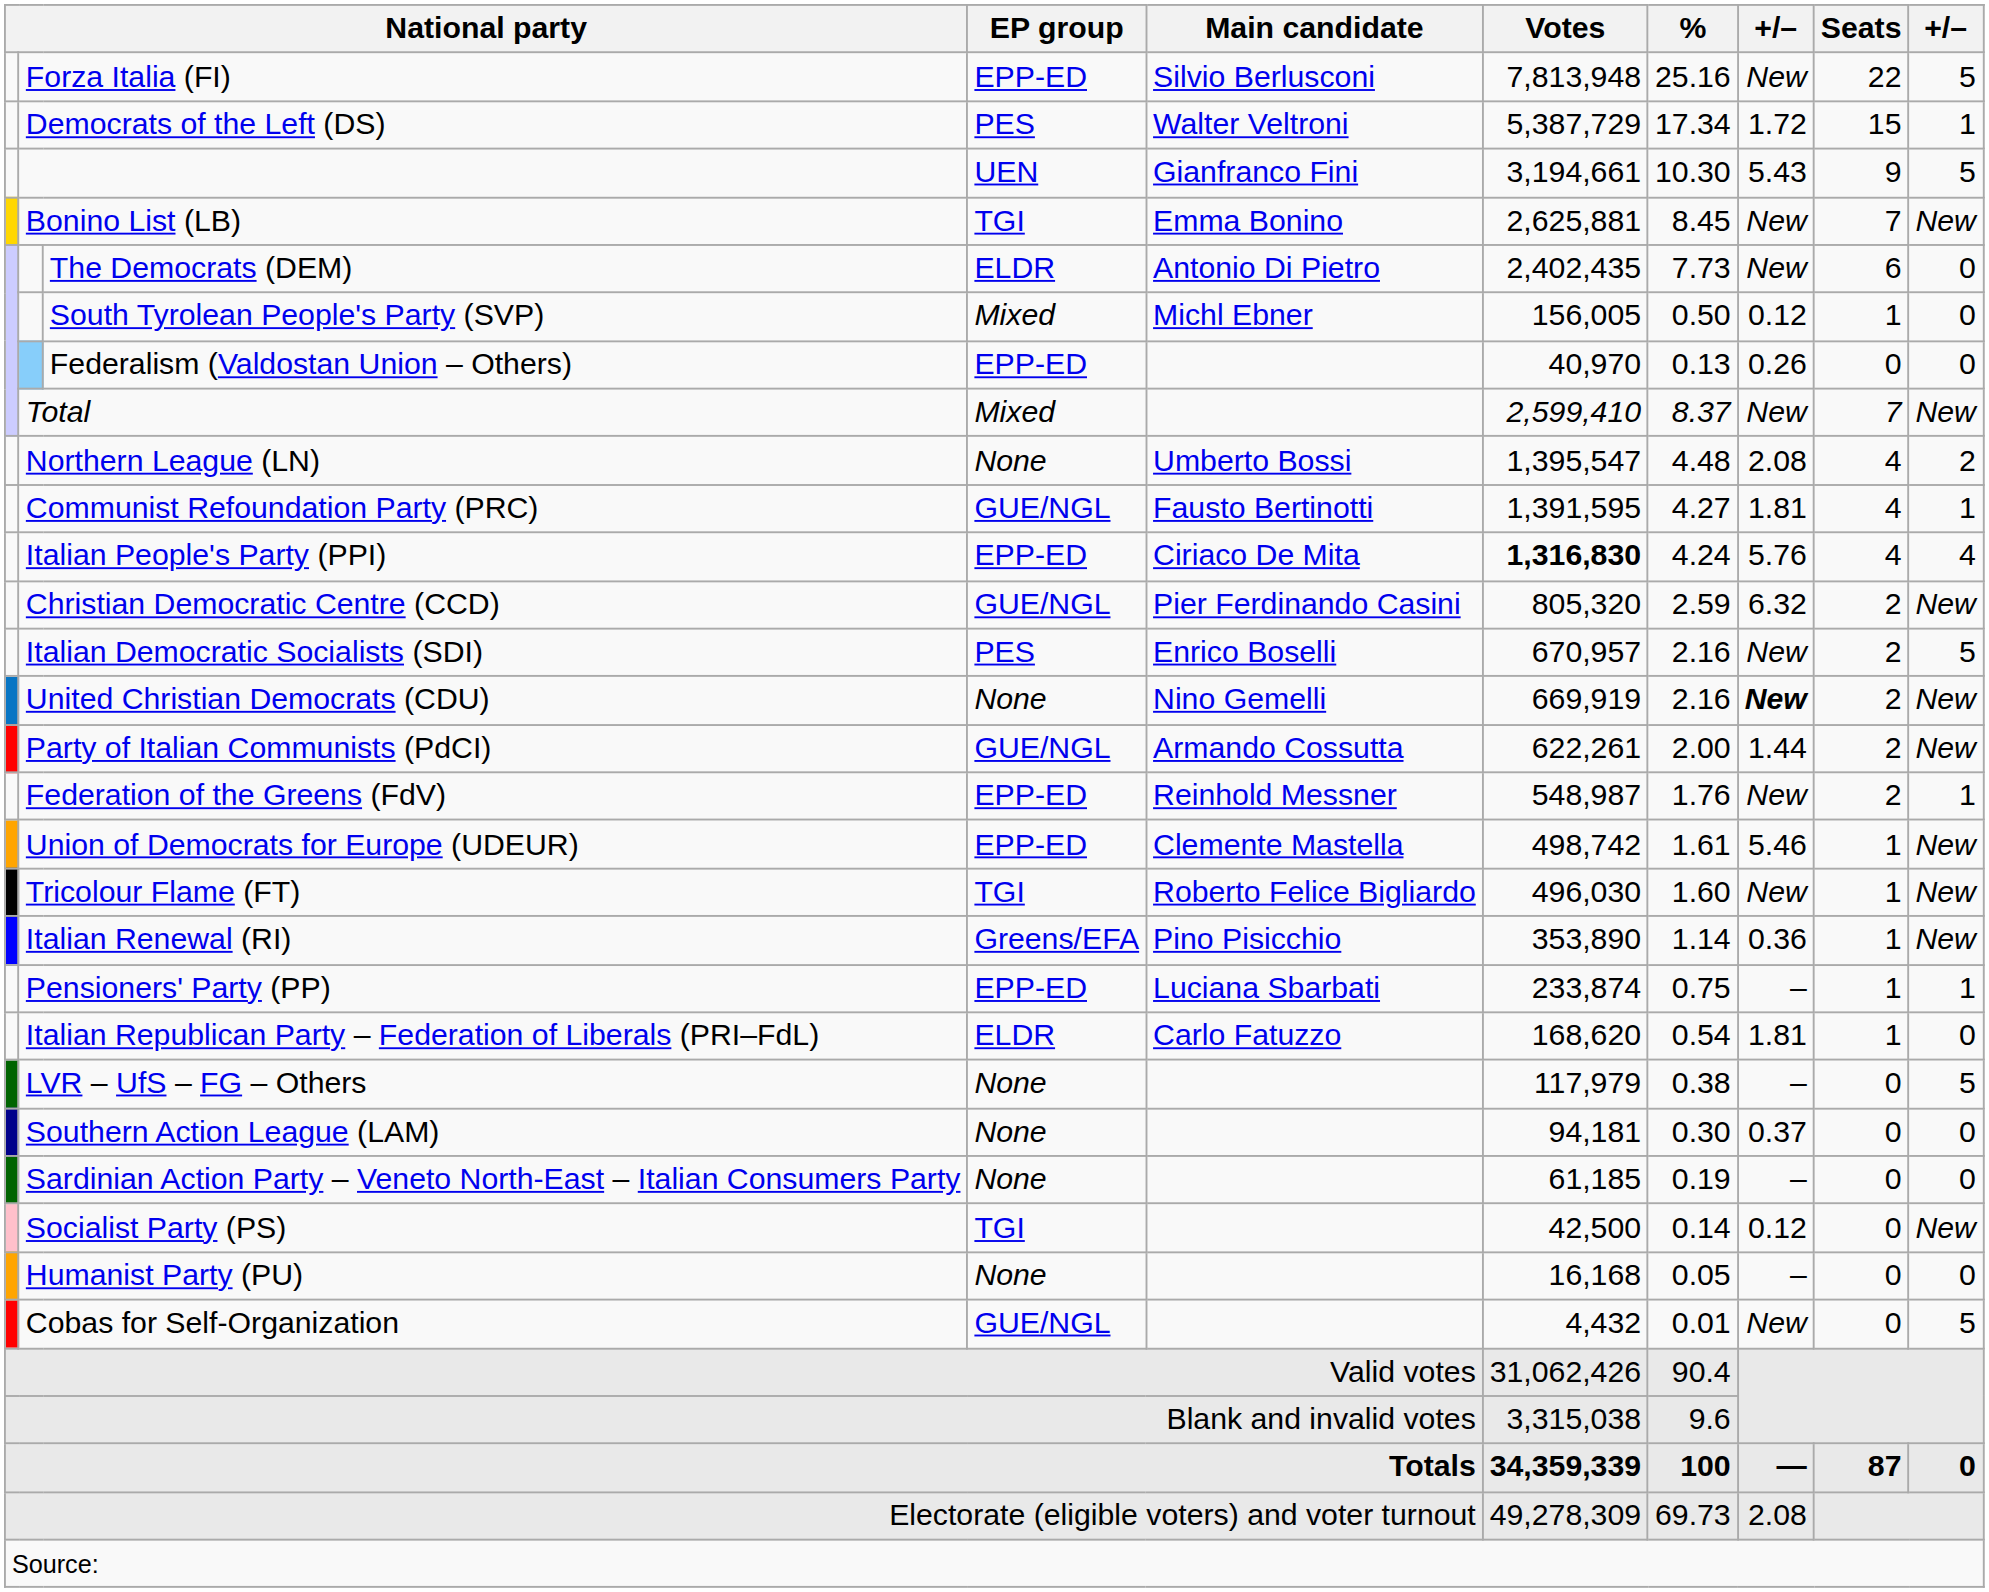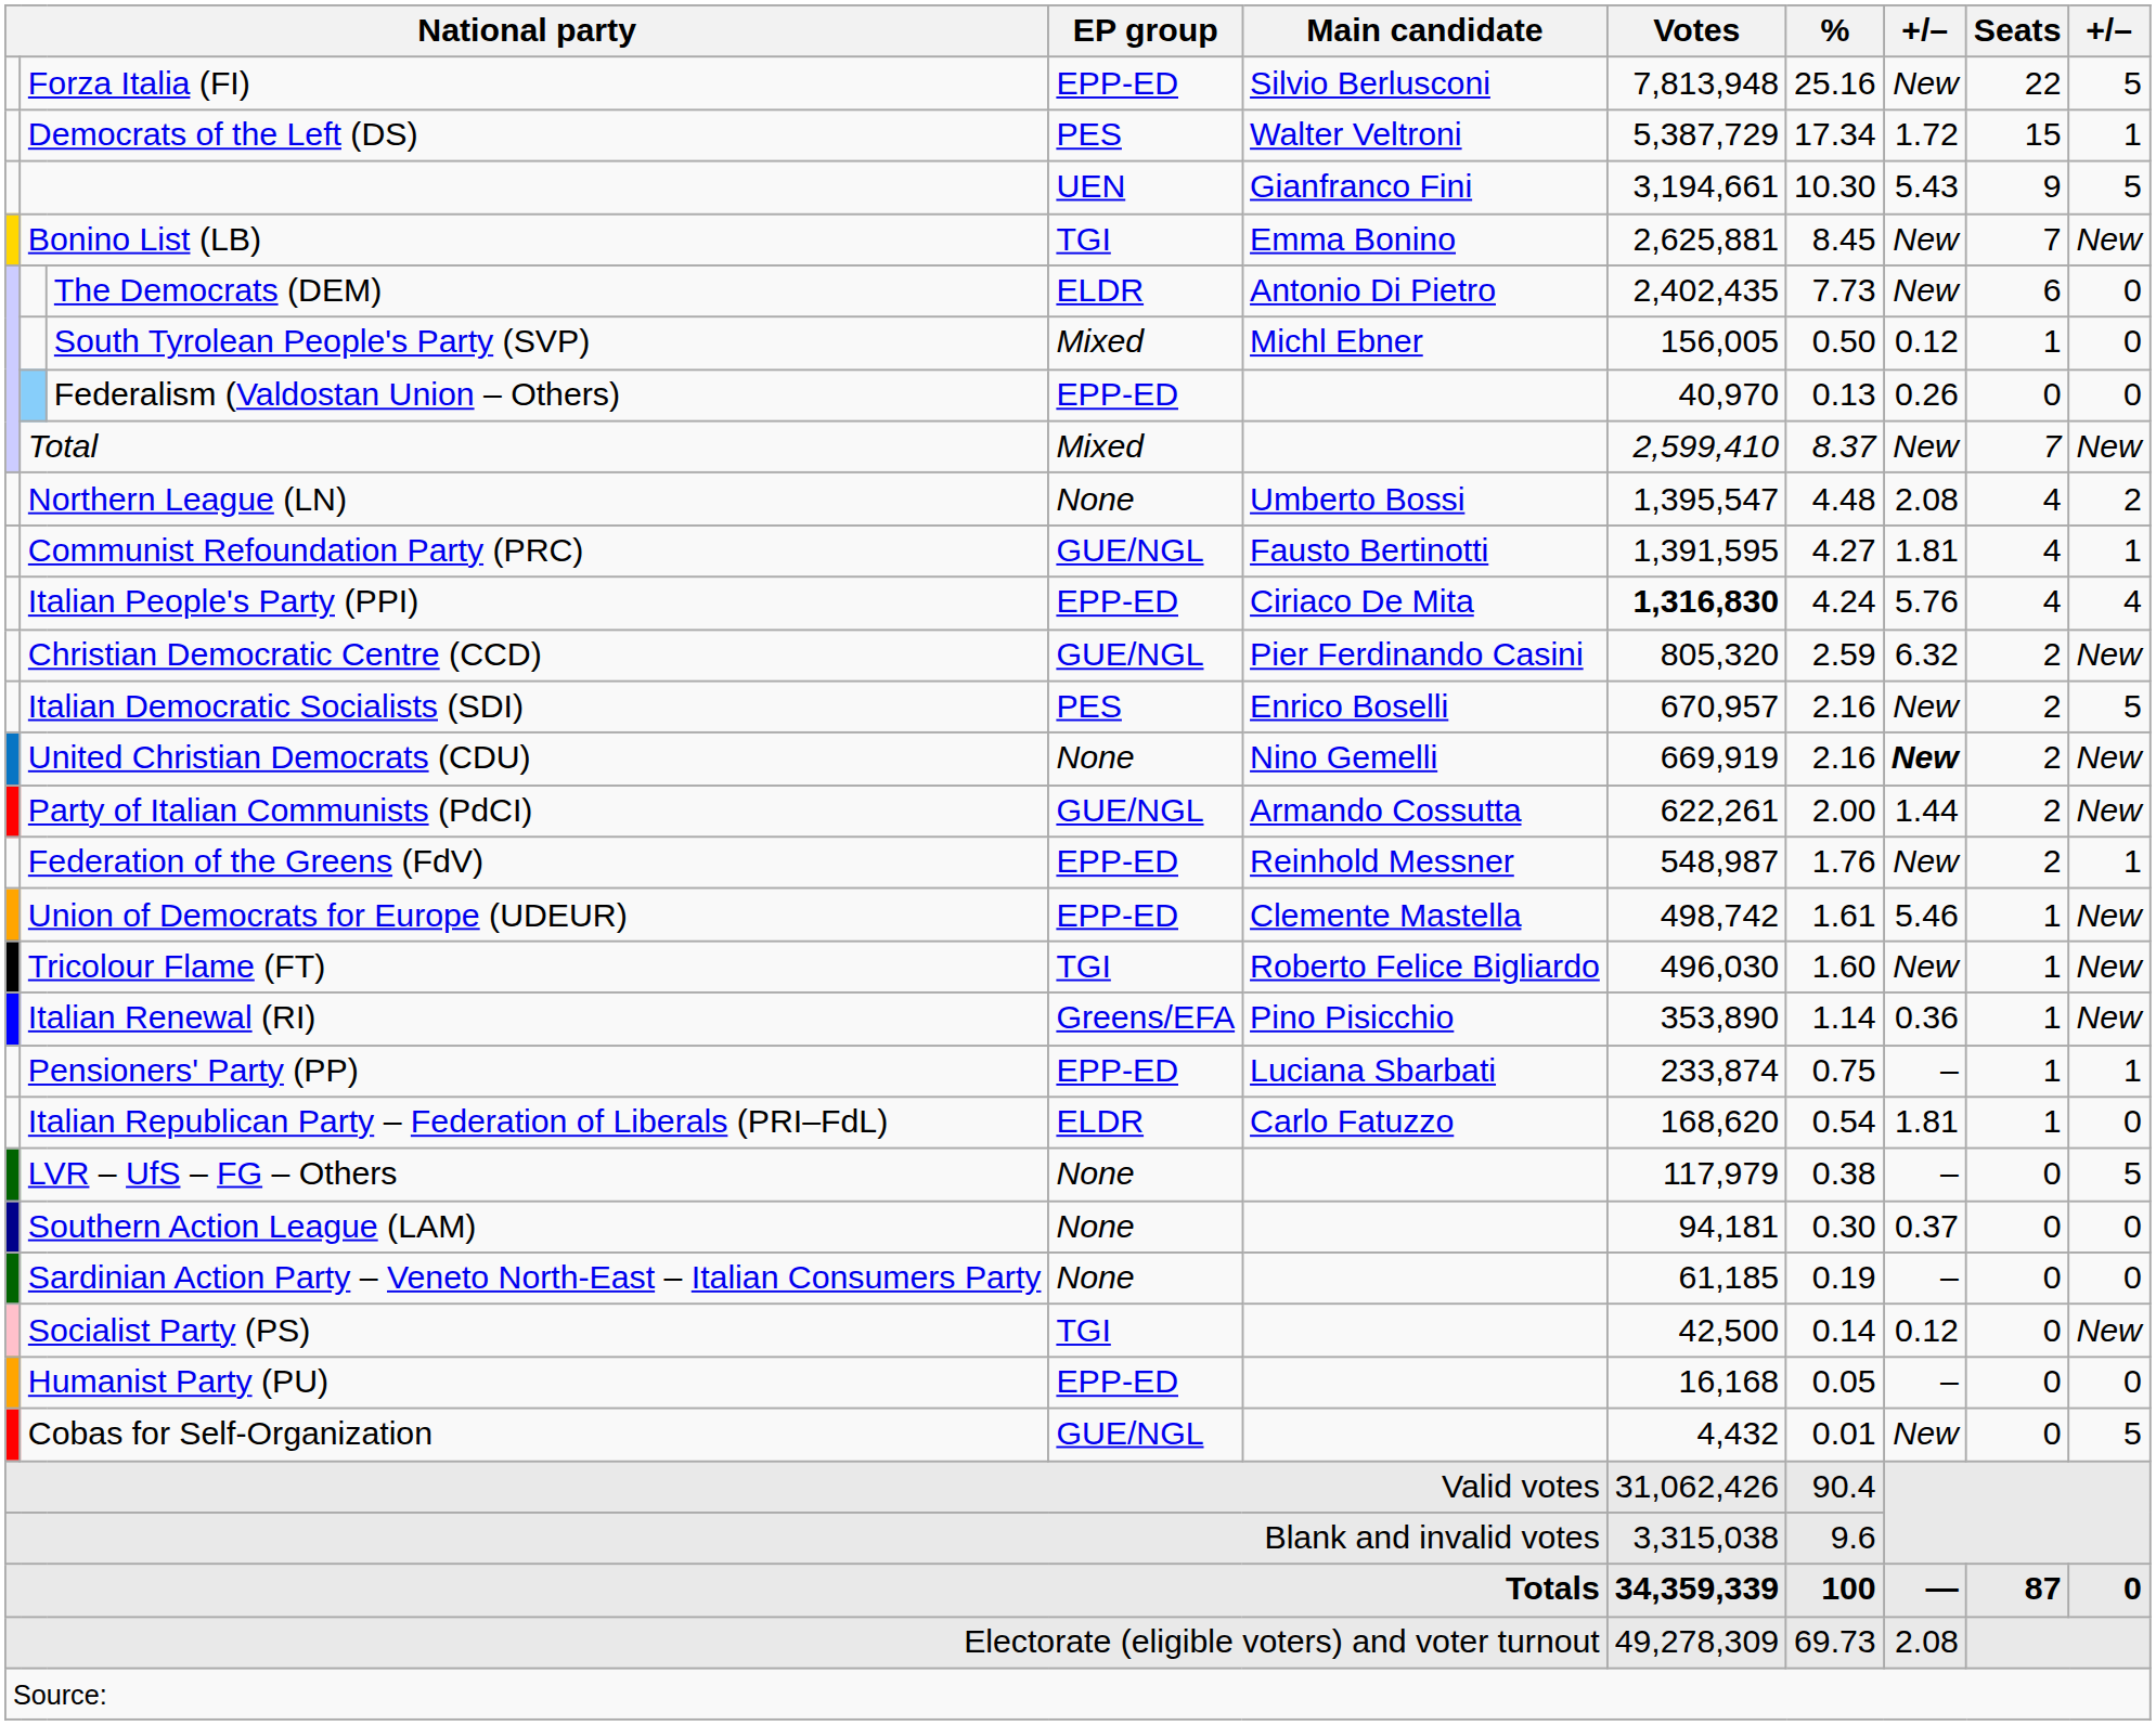 <table class=wikitable style=text-align:right>
 <tr style="text-align:right;">
 <th colspan="3">National party</th>
 <th>EP group</th>
 <th>Main candidate</th>
 <th>Votes</th>
 <th>%</th>
 <th>+/–</th>
 <th>Seats</th>
 <th>+/–</th>
 </tr>
 <tr>
 <td style="background-color:"></td>
 <td colspan="2" align=left><a href='#'>Forza Italia</a> (FI)</td>
 <td align=left><a href='#'>EPP-ED</a></td>
 <td align="left"><a href='#'>Silvio Berlusconi</a></td>
 <td align="right">7,813,948</td>
 <td align="right">25.16</td>
 <td align="right"><em>New</em></td>
 <td align="right">22</td>
 <td align="right">5 </td>
 </tr>
 <tr>
 <td style="background-color:"></td>
 <td colspan="2" align=left><a href='#'>Democrats of the Left</a> (DS)</td>
 <td align=left><a href='#'>PES</a></td>
 <td align="left"><a href='#'>Walter Veltroni</a></td>
 <td align="right">5,387,729</td>
 <td align="right">17.34</td>
 <td align="right">1.72 </td>
 <td align="right">15</td>
 <td align="right">1 </td>
 </tr>
 <tr>
 <td style="background-color:"></td>
 <td colspan="2" align=left></td>
 <td align=left><a href='#'>UEN</a></td>
 <td align="left"><a href='#'>Gianfranco Fini</a></td>
 <td align="right">3,194,661</td>
 <td align="right">10.30</td>
 <td align="right">5.43 </td>
 <td align="right">9</td>
 <td align="right">5 </td>
 </tr>
 <tr>
 <td style="background-color: gold"></td>
 <td colspan="2" align=left><a href='#'>Bonino List</a> (LB)</td>
 <td align=left><a href='#'>TGI</a></td>
 <td align="left"><a href='#'>Emma Bonino</a></td>
 <td align="right">2,625,881</td>
 <td align="right">8.45</td>
 <td align="right"><em>New</em></td>
 <td align="right">7</td>
 <td align="right"><em>New</em></td>
 </tr>
 <tr>
 <td rowspan=4 style="background-color:#CCCCFF"></td>
 <td style="background-color: "></td>
 <td align=left><a href='#'>The Democrats</a> (DEM)</td>
 <td align=left><a href='#'>ELDR</a></td>
 <td align="left"><a href='#'>Antonio Di Pietro</a></td>
 <td align="right">2,402,435</td>
 <td align="right">7.73</td>
 <td align="right"><em>New</em></td>
 <td align="right">6</td>
 <td align="right">0 </td>
 </tr>
 <tr>
 <td style="background-color: "></td>
 <td align=left><a href='#'>South Tyrolean People's Party</a> (SVP)</td>
 <td align=left><em>Mixed</em></td>
 <td align="left"><a href='#'>Michl Ebner</a></td>
 <td align="right">156,005</td>
 <td align="right">0.50</td>
 <td align="right">0.12 </td>
 <td align="right">1</td>
 <td align="right">0 </td>
 </tr>
 <tr>
 <td style="background-color: lightskyblue"></td>
 <td align=left>Federalism (<a href='#'>Valdostan Union</a> – Others)</td>
 <td align=left><a href='#'>EPP-ED</a></td>
 <td align="left"></td>
 <td align="right">40,970</td>
 <td align="right">0.13</td>
 <td align="right">0.26 </td>
 <td align="right">0</td>
 <td align="right">0 </td>
 </tr>
 <tr>
 <td align=left colspan=2><em>Total</em></td>
 <td align=left><em>Mixed</em></td>
 <td align="left"></td>
 <td align="right"><em>2,599,410</em></td>
 <td align="right"><em>8.37</em></td>
 <td align="right"><em>New</em></td>
 <td align="right"><em>7</em></td>
 <td align="right"><em>New</em></td>
 </tr>
 <tr>
 <td style="background-color: "></td>
 <td colspan="2" align=left><a href='#'>Northern League</a> (LN)</td>
 <td align=left><em>None</em></td>
 <td align="left"><a href='#'>Umberto Bossi</a></td>
 <td align="right">1,395,547</td>
 <td align="right">4.48</td>
 <td align="right">2.08 </td>
 <td align="right">4</td>
 <td align="right">2 </td>
 </tr>
 <tr>
 <td style="background-color: "></td>
 <td colspan="2" align=left><a href='#'>Communist Refoundation Party</a> (PRC)</td>
 <td align=left><a href='#'>GUE/NGL</a></td>
 <td align="left"><a href='#'>Fausto Bertinotti</a></td>
 <td align="right">1,391,595</td>
 <td align="right">4.27</td>
 <td align="right">1.81 </td>
 <td align="right">4</td>
 <td align="right">1 </td>
 </tr>
 <tr>
 <td style="background-color:"></td>
 <td colspan="2" align=left><a href='#'>Italian People's Party</a> (PPI)</td>
 <td align=left><a href='#'>EPP-ED</a></td>
 <td align="left"><a href='#'>Ciriaco De Mita</a></td>
 <td align="right"><strong>1,316,830</strong></td>
 <td align="right">4.24</td>
 <td align="right">5.76 </td>
 <td align="right">4</td>
 <td align="right">4 </td>
 </tr>
 <tr>
 <td style="background-color: "></td>
 <td colspan="2" align=left><a href='#'>Christian Democratic Centre</a> (CCD)</td>
 <td align=left><a href='#'>GUE/NGL</a></td>
 <td align="left"><a href='#'>Pier Ferdinando Casini</a></td>
 <td align="right">805,320</td>
 <td align="right">2.59</td>
 <td align="right">6.32 </td>
 <td align="right">2</td>
 <td align="right"><em>New</em></td>
 </tr>
 <tr>
 <td style="background-color:"></td>
 <td colspan="2" align=left><a href='#'>Italian Democratic Socialists</a> (SDI)</td>
 <td align=left><a href='#'>PES</a></td>
 <td align="left"><a href='#'>Enrico Boselli</a></td>
 <td align="right">670,957</td>
 <td align="right">2.16</td>
 <td align="right"><em>New</em></td>
 <td align="right">2</td>
 <td align="right">5 </td>
 </tr>
 <tr>
 <td style="background-color: #0775C4"></td>
 <td colspan="2" align=left><a href='#'>United Christian Democrats</a> (CDU)</td>
 <td align=left><em>None</em></td>
 <td align="left"><a href='#'>Nino Gemelli</a></td>
 <td align="right">669,919</td>
 <td align="right">2.16</td>
 <td align="right"><strong><em>New</em></strong></td>
 <td align="right">2</td>
 <td align="right"><em>New</em></td>
 </tr>
 <tr>
 <td style="background-color: red"></td>
 <td colspan="2" align=left><a href='#'>Party of Italian Communists</a> (PdCI)</td>
 <td align=left><a href='#'>GUE/NGL</a></td>
 <td align="left"><a href='#'>Armando Cossutta</a></td>
 <td align="right">622,261</td>
 <td align="right">2.00</td>
 <td align="right">1.44 </td>
 <td align="right">2</td>
 <td align="right"><em>New</em></td>
 </tr>
 <tr>
 <td style="background-color: "></td>
 <td colspan="2" align=left><a href='#'>Federation of the Greens</a> (FdV)</td>
 <td align=left><a href='#'>EPP-ED</a></td>
 <td align="left"><a href='#'>Reinhold Messner</a></td>
 <td align="right">548,987</td>
 <td align="right">1.76</td>
 <td align="right"><em>New</em></td>
 <td align="right">2</td>
 <td align="right">1 </td>
 </tr>
 <tr>
 <td style="background-color: orange"></td>
 <td colspan="2" align=left><a href='#'>Union of Democrats for Europe</a> (UDEUR)</td>
 <td align=left><a href='#'>EPP-ED</a></td>
 <td align="left"><a href='#'>Clemente Mastella</a></td>
 <td align="right">498,742</td>
 <td align="right">1.61</td>
 <td align="right">5.46 </td>
 <td align="right">1</td>
 <td align="right"><em>New</em></td>
 </tr>
 <tr>
 <td style="background-color: black"></td>
 <td colspan="2" align=left><a href='#'>Tricolour Flame</a> (FT)</td>
 <td align=left><a href='#'>TGI</a></td>
 <td align="left"><a href='#'>Roberto Felice Bigliardo</a></td>
 <td align="right">496,030</td>
 <td align="right">1.60</td>
 <td align="right"><em>New</em></td>
 <td align="right">1</td>
 <td align="right"><em>New</em></td>
 </tr>
 <tr>
 <td style="background-color: blue"></td>
 <td colspan="2" align=left><a href='#'>Italian Renewal</a> (RI)</td>
 <td align=left><a href='#'>Greens/EFA</a></td>
 <td align="left"><a href='#'>Pino Pisicchio</a></td>
 <td align="right">353,890</td>
 <td align="right">1.14</td>
 <td align="right">0.36 </td>
 <td align="right">1</td>
 <td align="right"><em>New</em></td>
 </tr>
 <tr>
 <td style="background-color:"></td>
 <td colspan="2" align=left><a href='#'>Pensioners' Party</a> (PP)</td>
 <td align=left><a href='#'>EPP-ED</a></td>
 <td align="left"><a href='#'>Luciana Sbarbati</a></td>
 <td align="right">233,874</td>
 <td align="right">0.75</td>
 <td align="right">–</td>
 <td align="right">1</td>
 <td align="right">1 </td>
 </tr>
 <tr>
 <td style="background-color: "></td>
 <td colspan="2" align=left><a href='#'>Italian Republican Party</a> – <a href='#'>Federation of Liberals</a> (PRI–FdL)</td>
 <td align=left><a href='#'>ELDR</a></td>
 <td align="left"><a href='#'>Carlo Fatuzzo</a></td>
 <td align="right">168,620</td>
 <td align="right">0.54</td>
 <td align="right">1.81 </td>
 <td align="right">1</td>
 <td align="right">0 </td>
 </tr>
 <tr>
 <td style="background-color: darkgreen"></td>
 <td colspan="2" align=left><a href='#'>LVR</a> – <a href='#'>UfS</a> – <a href='#'>FG</a> – Others</td>
 <td align=left><em>None</em></td>
 <td align="left"></td>
 <td align="right">117,979</td>
 <td align="right">0.38</td>
 <td align="right">–</td>
 <td align="right">0</td>
 <td align="right">5 </td>
 </tr>
 <tr>
 <td style="background-color: darkblue"></td>
 <td colspan="2" align=left><a href='#'>Southern Action League</a> (LAM)</td>
 <td align=left><em>None</em></td>
 <td align="left"></td>
 <td align="right">94,181</td>
 <td align="right">0.30</td>
 <td align="right">0.37 </td>
 <td align="right">0</td>
 <td align="right">0 </td>
 </tr>
 <tr>
 <td style="background-color: darkgreen"></td>
 <td colspan="2" align=left><a href='#'>Sardinian Action Party</a> – <a href='#'>Veneto North-East</a> – <a href='#'>Italian Consumers Party</a></td>
 <td align=left><em>None</em></td>
 <td align="left"></td>
 <td align="right">61,185</td>
 <td align="right">0.19</td>
 <td align="right">–</td>
 <td align="right">0</td>
 <td align="right">0 </td>
 </tr>
 <tr>
 <td style="background-color: pink"></td>
 <td colspan="2" align=left><a href='#'>Socialist Party</a> (PS)</td>
 <td align=left><a href='#'>TGI</a></td>
 <td align="left"></td>
 <td align="right">42,500</td>
 <td align="right">0.14</td>
 <td align="right">0.12 </td>
 <td align="right">0</td>
 <td align="right"><em>New</em></td>
 </tr>
 <tr>
 <td style="background-color:orange"></td>
 <td colspan="2" align=left><a href='#'>Humanist Party</a> (PU)</td>
-<td align=left><em>None</em></td>
+<td align=left><a href='#'>EPP-ED</a></td>
 <td align="left"></td>
 <td align="right">16,168</td>
 <td align="right">0.05</td>
 <td align="right">–</td>
 <td align="right">0</td>
 <td align="right">0 </td>
 </tr>
 <tr>
 <td style="background-color:red"></td>
 <td colspan="2" align=left>Cobas for Self-Organization</td>
 <td align=left><a href='#'>GUE/NGL</a></td>
 <td align="left"></td>
 <td align="right">4,432</td>
 <td align="right">0.01</td>
 <td align="right"><em>New</em></td>
 <td align="right">0</td>
 <td align="right">5 </td>
 </tr>
 <tr style="background-color:#E9E9E9">
 <td style="text-align:right;" colspan="5">Valid votes</td>
 <td>31,062,426</td>
 <td>90.4</td>
 <td colspan="4" rowspan="2"></td>
 </tr>
 <tr style="background-color:#E9E9E9">
 <td style="text-align:right;" colspan="5">Blank and invalid votes</td>
 <td>3,315,038</td>
 <td>9.6</td>
 </tr>
 <tr style="background-color:#E9E9E9">
 <td style="text-align:right;" colspan="5"><strong>Totals</strong></td>
 <td><strong>34,359,339</strong></td>
 <td><strong>100</strong></td>
 <td><strong>—</strong></td>
 <td><strong>87</strong></td>
 <td><strong>0 </strong></td>
 </tr>
 <tr style="background-color:#E9E9E9">
 <td colspan="5">Electorate (eligible voters) and voter turnout</td>
 <td>49,278,309</td>
 <td>69.73</td>
 <td align="right">2.08 </td>
 <td colspan="2"></td>
 </tr>
 <tr>
 <td align=left colspan=10><small>Source: </small></td>
 </tr>
 </table>
